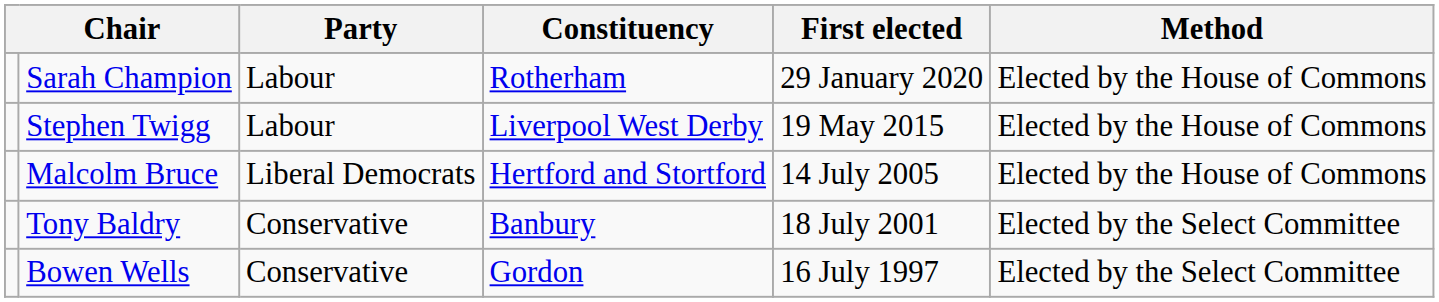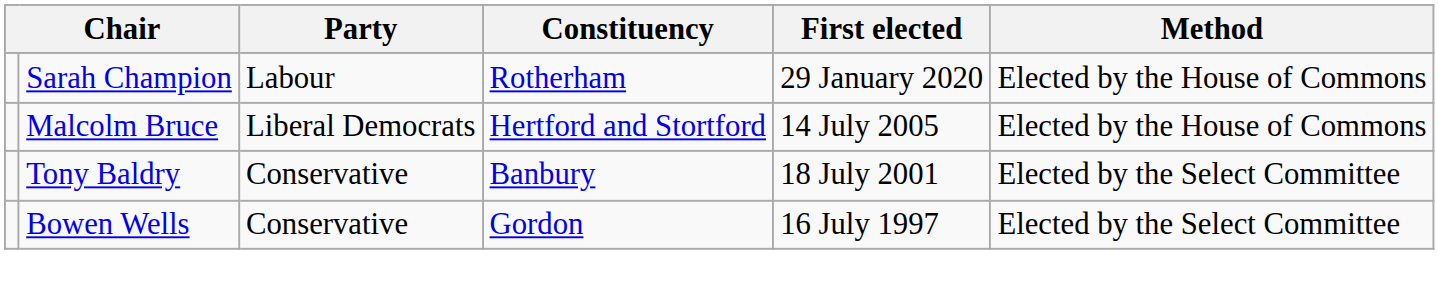 <table class="wikitable">
 <tr>
 <th colspan="2">Chair</th>
 <th>Party</th>
 <th>Constituency</th>
 <th>First elected</th>
 <th>Method</th>
 </tr>
 <tr>
 <td style="color:inherit;background-color: "></td>
 <td><a href='#'>Sarah Champion</a></td>
 <td>Labour</td>
 <td><a href='#'>Rotherham</a></td>
 <td>29 January 2020</td>
-<td>Elected by the House of Commons</td>
-</tr>
-<tr>
-<td style="color:inherit;background-color: "></td>
-<td><a href='#'>Stephen Twigg</a></td>
-<td>Labour</td>
-<td><a href='#'>Liverpool West Derby</a></td>
-<td>19 May 2015</td>
 <td>Elected by the House of Commons</td>
 </tr>
 <tr>
 <td style="color:inherit;background-color: "></td>
 <td><a href='#'>Malcolm Bruce</a></td>
 <td>Liberal Democrats</td>
 <td><a href='#'>Hertford and Stortford</a></td>
 <td>14 July 2005</td>
 <td>Elected by the House of Commons</td>
 </tr>
 <tr>
 <td style="color:inherit;background-color: "></td>
 <td><a href='#'>Tony Baldry</a></td>
 <td>Conservative</td>
 <td><a href='#'>Banbury</a></td>
 <td>18 July 2001</td>
 <td>Elected by the Select Committee</td>
 </tr>
 <tr>
 <td style="color:inherit;background-color: "></td>
 <td><a href='#'>Bowen Wells</a></td>
 <td>Conservative</td>
 <td><a href='#'>Gordon</a></td>
 <td>16 July 1997</td>
 <td>Elected by the Select Committee</td>
 </tr>
 </table>
